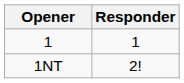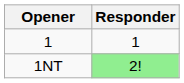 <table class="wikitable" style="float:left;">
 <tr>
 <th width=50%>Opener</th>
 <th width=50%>Responder</th>
 </tr>
 <tr align=center>
 <td>1</td>
 <td>1</td>
 </tr>
 <tr align=center>
 <td>1NT</td>
-<td>2!</td>
+<td style="background: lightgreen;">2!</td>
 </tr>
 </table>
